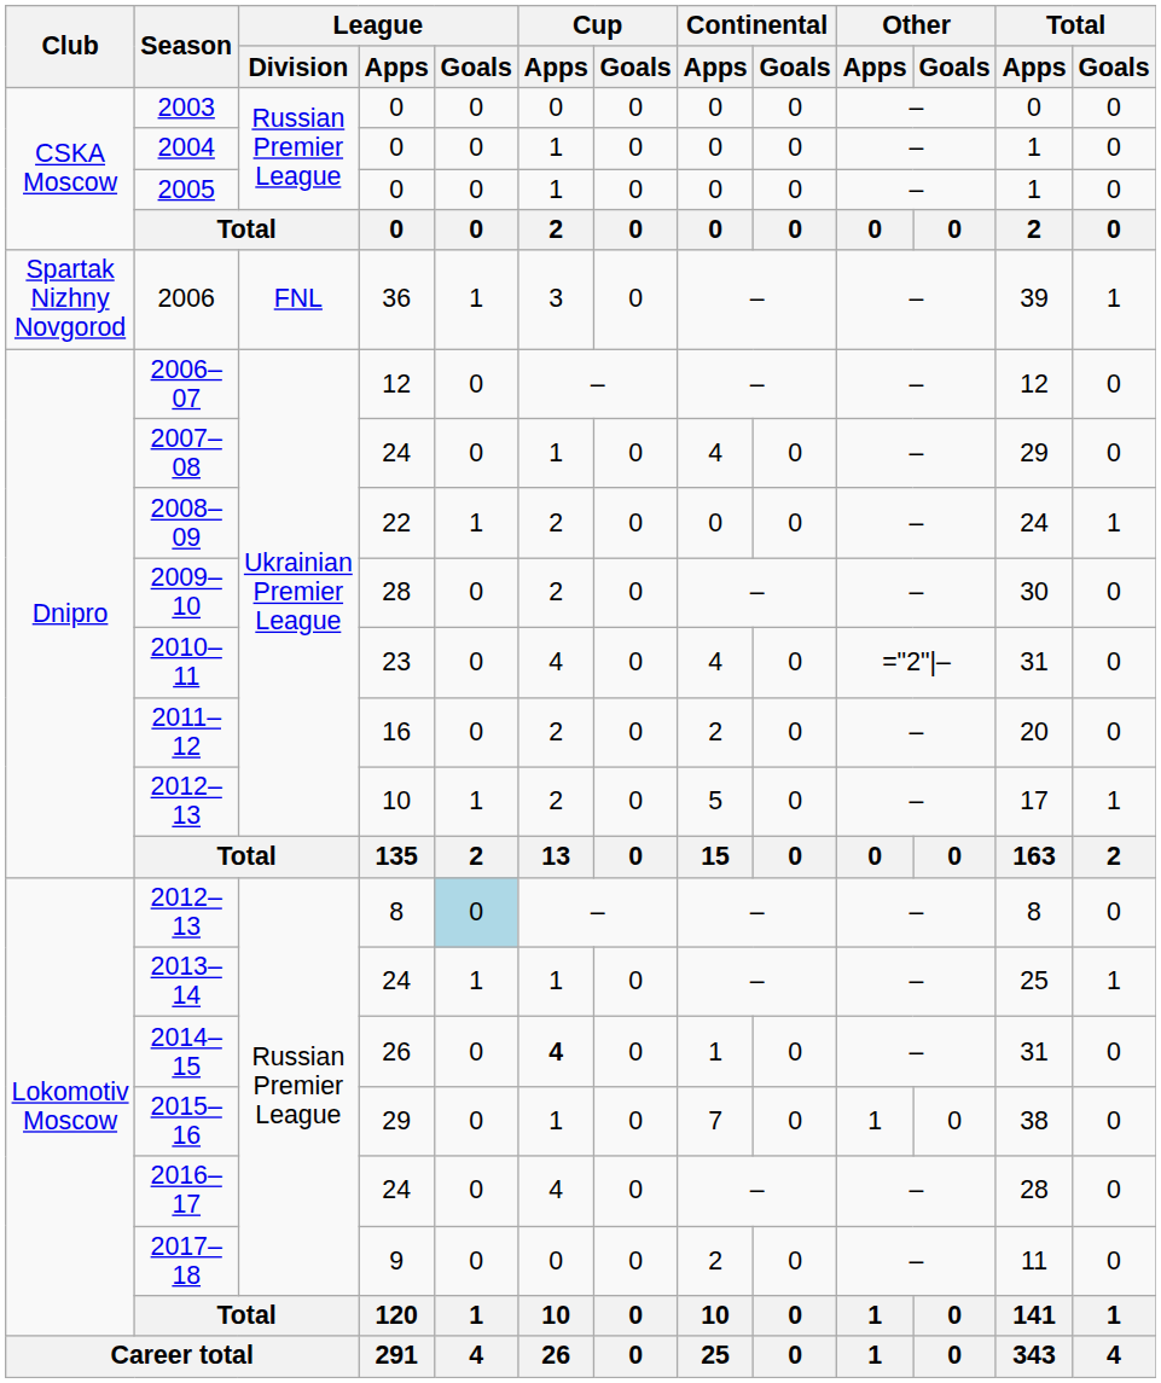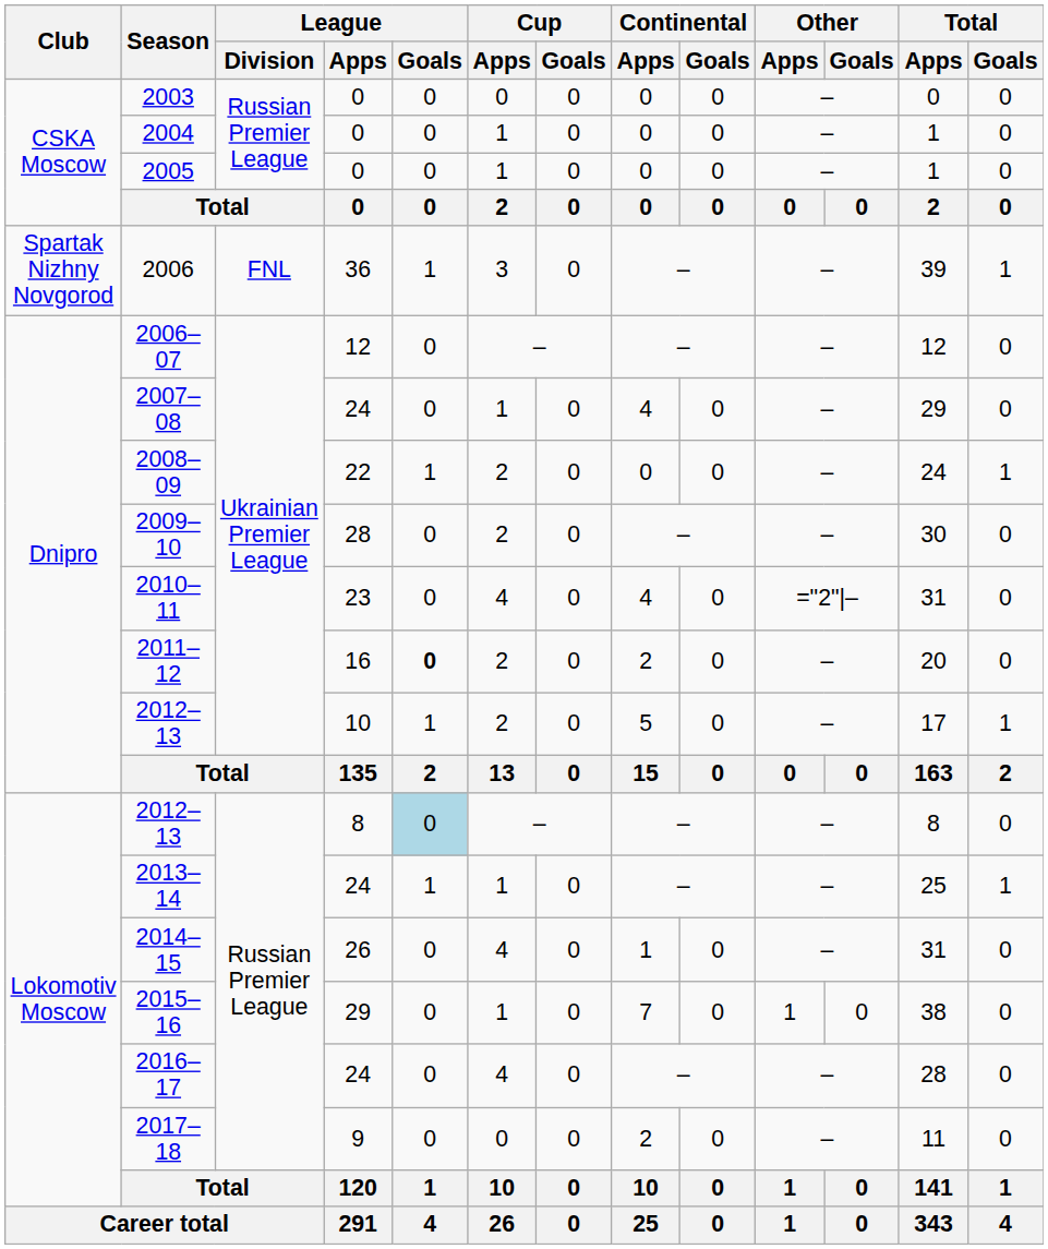 <table class="wikitable" style="text-align:center">
 <tr>
 <th rowspan="2">Club</th>
 <th rowspan="2">Season</th>
 <th colspan="3">League</th>
 <th colspan="2">Cup</th>
 <th colspan="2">Continental</th>
 <th colspan="2">Other</th>
 <th colspan="2">Total</th>
 </tr>
 <tr>
 <th>Division</th>
 <th>Apps</th>
 <th>Goals</th>
 <th>Apps</th>
 <th>Goals</th>
 <th>Apps</th>
 <th>Goals</th>
 <th>Apps</th>
 <th>Goals</th>
 <th>Apps</th>
 <th>Goals</th>
 </tr>
 <tr>
 <td rowspan="4"><a href='#'>CSKA Moscow</a></td>
 <td><a href='#'>2003</a></td>
 <td rowspan="3"><a href='#'>Russian Premier League</a></td>
 <td>0</td>
 <td>0</td>
 <td>0</td>
 <td>0</td>
 <td>0</td>
 <td>0</td>
 <td colspan="2">–</td>
 <td>0</td>
 <td>0</td>
 </tr>
 <tr>
 <td><a href='#'>2004</a></td>
 <td>0</td>
 <td>0</td>
 <td>1</td>
 <td>0</td>
 <td>0</td>
 <td>0</td>
 <td colspan="2">–</td>
 <td>1</td>
 <td>0</td>
 </tr>
 <tr>
 <td><a href='#'>2005</a></td>
 <td>0</td>
 <td>0</td>
 <td>1</td>
 <td>0</td>
 <td>0</td>
 <td>0</td>
 <td colspan="2">–</td>
 <td>1</td>
 <td>0</td>
 </tr>
 <tr>
 <th colspan="2">Total</th>
 <th>0</th>
 <th>0</th>
 <th>2</th>
 <th>0</th>
 <th>0</th>
 <th>0</th>
 <th>0</th>
 <th>0</th>
 <th>2</th>
 <th>0</th>
 </tr>
 <tr>
 <td><a href='#'>Spartak Nizhny Novgorod</a></td>
 <td>2006</td>
 <td><a href='#'>FNL</a></td>
 <td>36</td>
 <td>1</td>
 <td>3</td>
 <td>0</td>
 <td colspan="2">–</td>
 <td colspan="2">–</td>
 <td>39</td>
 <td>1</td>
 </tr>
 <tr>
 <td rowspan="8"><a href='#'>Dnipro</a></td>
 <td><a href='#'>2006–07</a></td>
 <td rowspan="7"><a href='#'>Ukrainian Premier League</a></td>
 <td>12</td>
 <td>0</td>
 <td colspan="2">–</td>
 <td colspan="2">–</td>
 <td colspan="2">–</td>
 <td>12</td>
 <td>0</td>
 </tr>
 <tr>
 <td><a href='#'>2007–08</a></td>
 <td>24</td>
 <td>0</td>
 <td>1</td>
 <td>0</td>
 <td>4</td>
 <td>0</td>
 <td colspan="2">–</td>
 <td>29</td>
 <td>0</td>
 </tr>
 <tr>
 <td><a href='#'>2008–09</a></td>
 <td>22</td>
 <td>1</td>
 <td>2</td>
 <td>0</td>
 <td>0</td>
 <td>0</td>
 <td colspan="2">–</td>
 <td>24</td>
 <td>1</td>
 </tr>
 <tr>
 <td><a href='#'>2009–10</a></td>
 <td>28</td>
 <td>0</td>
 <td>2</td>
 <td>0</td>
 <td colspan="2">–</td>
 <td colspan="2">–</td>
 <td>30</td>
 <td>0</td>
 </tr>
 <tr>
 <td><a href='#'>2010–11</a></td>
 <td>23</td>
 <td>0</td>
 <td>4</td>
 <td>0</td>
 <td>4</td>
 <td>0</td>
 <td colspan="2">="2"|–</td>
 <td>31</td>
 <td>0</td>
 </tr>
 <tr>
 <td><a href='#'>2011–12</a></td>
 <td>16</td>
-<td>0</td>
+<td><strong>0</strong></td>
 <td>2</td>
 <td>0</td>
 <td>2</td>
 <td>0</td>
 <td colspan="2">–</td>
 <td>20</td>
 <td>0</td>
 </tr>
 <tr>
 <td><a href='#'>2012–13</a></td>
 <td>10</td>
 <td>1</td>
 <td>2</td>
 <td>0</td>
 <td>5</td>
 <td>0</td>
 <td colspan="2">–</td>
 <td>17</td>
 <td>1</td>
 </tr>
 <tr>
 <th colspan="2">Total</th>
 <th>135</th>
 <th>2</th>
 <th>13</th>
 <th>0</th>
 <th>15</th>
 <th>0</th>
 <th>0</th>
 <th>0</th>
 <th>163</th>
 <th>2</th>
 </tr>
 <tr>
 <td rowspan="7"><a href='#'>Lokomotiv Moscow</a></td>
 <td><a href='#'>2012–13</a></td>
 <td rowspan="6">Russian Premier League</td>
 <td>8</td>
 <td style="background: lightblue;">0</td>
 <td colspan="2">–</td>
 <td colspan="2">–</td>
 <td colspan="2">–</td>
 <td>8</td>
 <td>0</td>
 </tr>
 <tr>
 <td><a href='#'>2013–14</a></td>
 <td>24</td>
 <td>1</td>
 <td>1</td>
 <td>0</td>
 <td colspan="2">–</td>
 <td colspan="2">–</td>
 <td>25</td>
 <td>1</td>
 </tr>
 <tr>
 <td><a href='#'>2014–15</a></td>
 <td>26</td>
 <td>0</td>
-<td><strong>4</strong></td>
+<td>4</td>
 <td>0</td>
 <td>1</td>
 <td>0</td>
 <td colspan="2">–</td>
 <td>31</td>
 <td>0</td>
 </tr>
 <tr>
 <td><a href='#'>2015–16</a></td>
 <td>29</td>
 <td>0</td>
 <td>1</td>
 <td>0</td>
 <td>7</td>
 <td>0</td>
 <td>1</td>
 <td>0</td>
 <td>38</td>
 <td>0</td>
 </tr>
 <tr>
 <td><a href='#'>2016–17</a></td>
 <td>24</td>
 <td>0</td>
 <td>4</td>
 <td>0</td>
 <td colspan="2">–</td>
 <td colspan="2">–</td>
 <td>28</td>
 <td>0</td>
 </tr>
 <tr>
 <td><a href='#'>2017–18</a></td>
 <td>9</td>
 <td>0</td>
 <td>0</td>
 <td>0</td>
 <td>2</td>
 <td>0</td>
 <td colspan="2">–</td>
 <td>11</td>
 <td>0</td>
 </tr>
 <tr>
 <th colspan="2">Total</th>
 <th>120</th>
 <th>1</th>
 <th>10</th>
 <th>0</th>
 <th>10</th>
 <th>0</th>
 <th>1</th>
 <th>0</th>
 <th>141</th>
 <th>1</th>
 </tr>
 <tr>
 <th colspan="3">Career total</th>
 <th>291</th>
 <th>4</th>
 <th>26</th>
 <th>0</th>
 <th>25</th>
 <th>0</th>
 <th>1</th>
 <th>0</th>
 <th>343</th>
 <th>4</th>
 </tr>
 </table>
